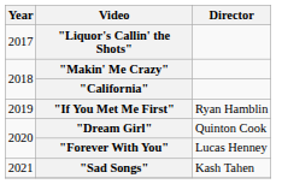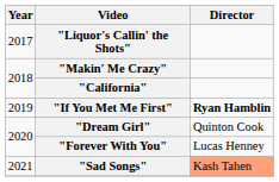 <table class="wikitable plainrowheaders">
 <tr>
 <th style="width:1em;">Year</th>
 <th style="width:12em;">Video</th>
 <th>Director</th>
 </tr>
 <tr>
 <td>2017</td>
 <th scope="row">"Liquor's Callin' the Shots"</th>
 <td></td>
 </tr>
 <tr>
 <td rowspan="2">2018</td>
 <th scope="row">"Makin' Me Crazy"</th>
 <td></td>
 </tr>
 <tr>
 <th scope="row">"California"</th>
 <td></td>
 </tr>
 <tr>
 <td>2019</td>
 <th scope="row">"If You Met Me First"</th>
-<td>Ryan Hamblin</td>
+<td><strong>Ryan Hamblin</strong></td>
 </tr>
 <tr>
 <td rowspan="2">2020</td>
 <th scope="row">"Dream Girl"</th>
 <td>Quinton Cook</td>
 </tr>
 <tr>
 <th scope="row">"Forever With You"</th>
 <td>Lucas Henney</td>
 </tr>
 <tr>
 <td>2021</td>
 <th scope="row">"Sad Songs"</th>
-<td>Kash Tahen</td>
+<td style="background: lightsalmon;">Kash Tahen</td>
 </tr>
 <tr>
 </tr>
 </table>
